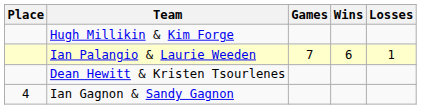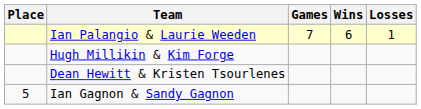 <table class="wikitable" style="text-align:center;">
 <tr>
 <th>Place</th>
 <th>Team</th>
 <th>Games</th>
 <th>Wins</th>
 <th>Losses</th>
-</tr>
-<tr>
-<td></td>
-<td align=left><a href='#'>Hugh Millikin</a> & <a href='#'>Kim Forge</a></td>
-<td></td>
-<td></td>
-<td></td>
 </tr>
 <tr bgcolor=#ffffcc>
 <td></td>
 <td align=left><a href='#'>Ian Palangio</a> & <a href='#'>Laurie Weeden</a></td>
 <td>7</td>
 <td>6</td>
 <td>1</td>
 </tr>
 <tr>
 <td></td>
+<td align=left><a href='#'>Hugh Millikin</a> & <a href='#'>Kim Forge</a></td>
+<td></td>
+<td></td>
+<td></td>
+</tr>
+<tr>
+<td></td>
 <td align=left><a href='#'>Dean Hewitt</a> & Kristen Tsourlenes</td>
 <td></td>
 <td></td>
 <td></td>
 </tr>
 <tr>
-<td>4</td>
+<td>5</td>
 <td align=left>Ian Gagnon & <a href='#'>Sandy Gagnon</a></td>
 <td></td>
 <td></td>
 <td></td>
 </tr>
 </table>
